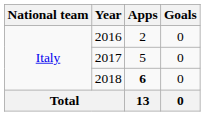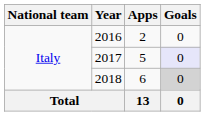 <table class=wikitable style="text-align:center">
 <tr>
 <th>National team</th>
 <th>Year</th>
 <th>Apps</th>
 <th>Goals</th>
 </tr>
 <tr>
 <td rowspan="3"><a href='#'>Italy</a></td>
 <td>2016</td>
 <td>2</td>
 <td>0</td>
 </tr>
 <tr>
 <td>2017</td>
 <td>5</td>
-<td>0</td>
+<td style="background: lavender;">0</td>
 </tr>
 <tr>
 <td>2018</td>
-<td><strong>6</strong></td>
-<td>0</td>
+<td>6</td>
+<td style="background: lightgrey;">0</td>
 </tr>
 <tr>
 <th colspan="2">Total</th>
 <th>13</th>
 <th>0</th>
 </tr>
 </table>
